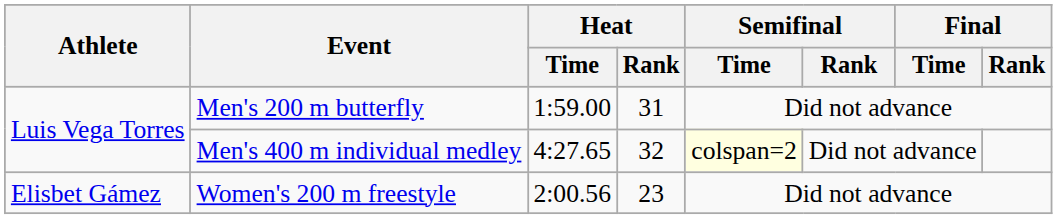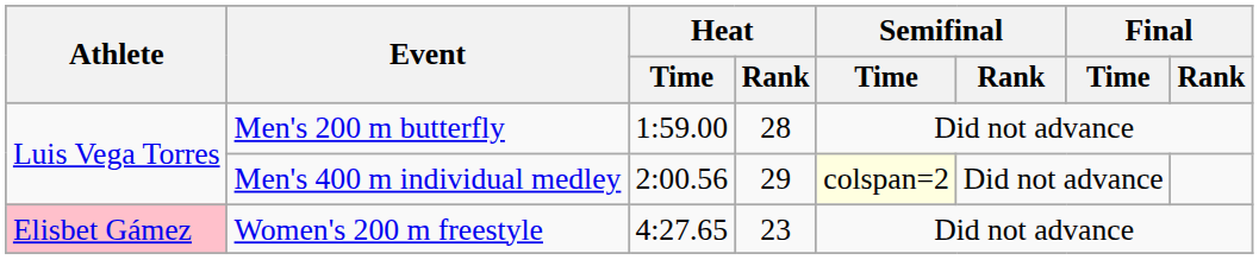 <table class=wikitable style="font-size:90%">
 <tr>
 <th rowspan="2">Athlete</th>
 <th rowspan="2">Event</th>
 <th colspan="2">Heat</th>
 <th colspan="2">Semifinal</th>
 <th colspan="2">Final</th>
 </tr>
 <tr style="font-size:95%">
 <th>Time</th>
 <th>Rank</th>
 <th>Time</th>
 <th>Rank</th>
 <th>Time</th>
 <th>Rank</th>
 </tr>
 <tr align=center>
 <td align=left rowspan=2><a href='#'>Luis Vega Torres</a></td>
 <td align=left><a href='#'>Men's 200 m butterfly</a></td>
 <td>1:59.00</td>
-<td>31</td>
+<td>28</td>
 <td colspan=4>Did not advance</td>
 </tr>
 <tr align=center>
 <td align=left><a href='#'>Men's 400 m individual medley</a></td>
-<td>4:27.65</td>
-<td>32</td>
+<td>2:00.56</td>
+<td>29</td>
 <td style="background: lightyellow;">colspan=2 </td>
 <td colspan=2>Did not advance</td>
 </tr>
 <tr align=center>
-<td align="left"><a href='#'>Elisbet Gámez</a></td>
+<td align="left" style="background: pink;"><a href='#'>Elisbet Gámez</a></td>
 <td align=left><a href='#'>Women's 200 m freestyle</a></td>
-<td>2:00.56</td>
+<td>4:27.65</td>
 <td>23</td>
 <td colspan=4>Did not advance</td>
 </tr>
 </table>
